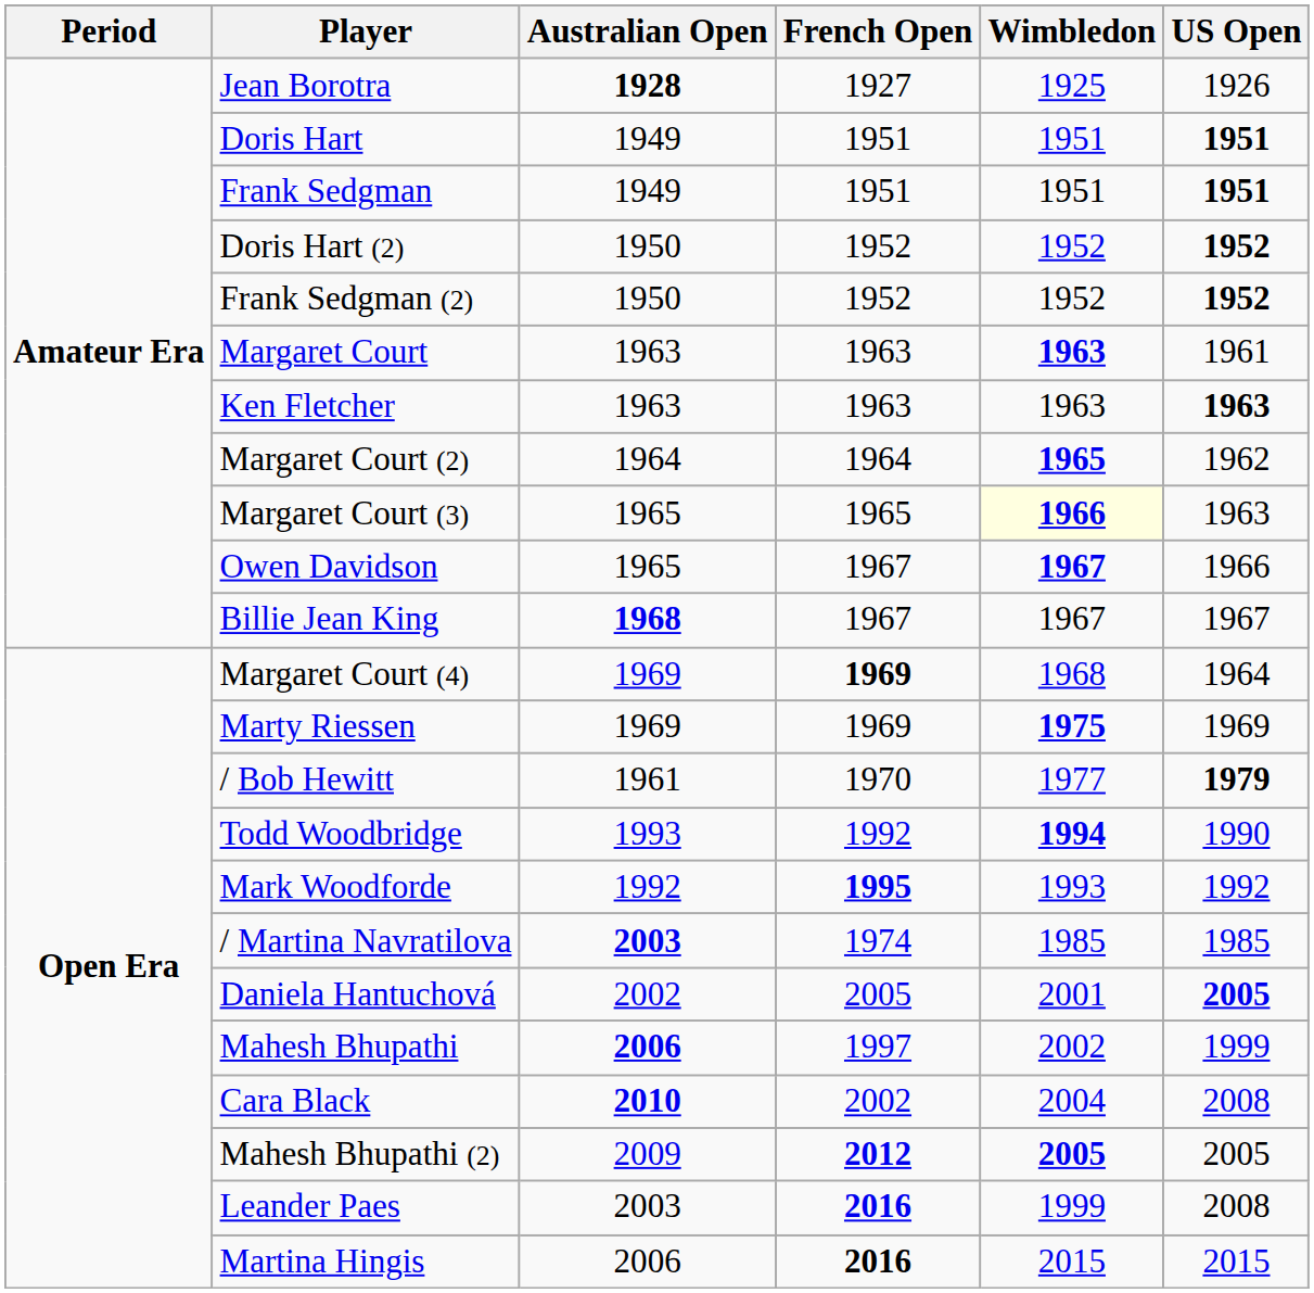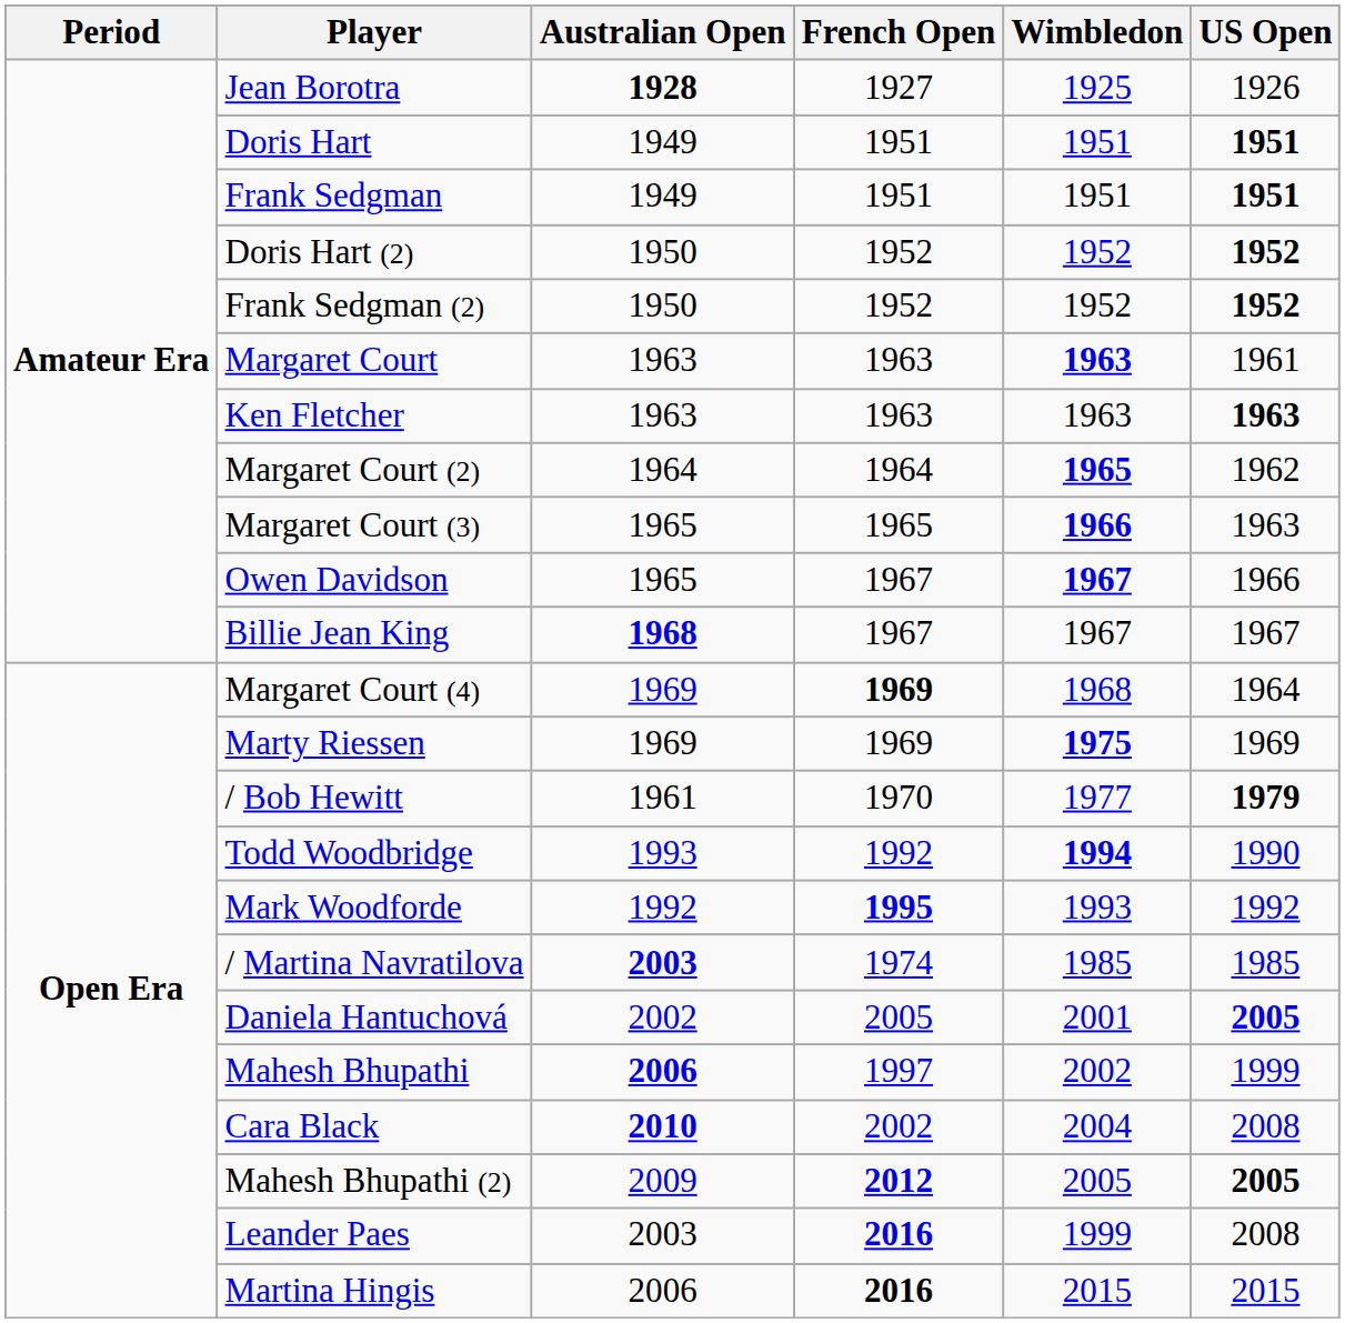 <table class="wikitable mw-datatable sortable" style="text-align:center;">
 <tr>
 <th>Period</th>
 <th>Player</th>
 <th>Australian Open</th>
 <th>French Open</th>
 <th>Wimbledon</th>
 <th>US Open</th>
 </tr>
 <tr>
 <td rowspan="11"><strong>Amateur Era</strong></td>
 <td style="text-align:left;"> <a href='#'>Jean Borotra</a></td>
 <td><strong>1928</strong></td>
 <td>1927</td>
 <td><a href='#'>1925</a></td>
 <td>1926</td>
 </tr>
 <tr>
 <td style="text-align:left;"> <a href='#'>Doris Hart</a></td>
 <td>1949</td>
 <td>1951</td>
 <td><a href='#'>1951</a></td>
 <td><strong>1951</strong></td>
 </tr>
 <tr>
 <td style="text-align:left;"> <a href='#'>Frank Sedgman</a></td>
 <td>1949</td>
 <td>1951</td>
 <td>1951</td>
 <td><strong>1951</strong></td>
 </tr>
 <tr>
 <td style="text-align:left;"> Doris Hart <small>(2)</small></td>
 <td>1950</td>
 <td>1952</td>
 <td><a href='#'>1952</a></td>
 <td><strong>1952</strong></td>
 </tr>
 <tr>
 <td style="text-align:left;"> Frank Sedgman <small>(2)</small></td>
 <td>1950</td>
 <td>1952</td>
 <td>1952</td>
 <td><strong>1952</strong></td>
 </tr>
 <tr>
 <td style="text-align:left;"> <a href='#'>Margaret Court</a></td>
 <td>1963</td>
 <td>1963</td>
 <td><strong><a href='#'>1963</a></strong></td>
 <td>1961</td>
 </tr>
 <tr>
 <td style="text-align:left;"> <a href='#'>Ken Fletcher</a></td>
 <td>1963</td>
 <td>1963</td>
 <td>1963</td>
 <td><strong>1963</strong></td>
 </tr>
 <tr>
 <td style="text-align:left;"> Margaret Court <small>(2)</small></td>
 <td>1964</td>
 <td>1964</td>
 <td><strong><a href='#'>1965</a></strong></td>
 <td>1962</td>
 </tr>
 <tr>
 <td style="text-align:left;"> Margaret Court <small>(3)</small></td>
 <td>1965</td>
 <td>1965</td>
-<td style="background: lightyellow;"><strong><a href='#'>1966</a></strong></td>
+<td><strong><a href='#'>1966</a></strong></td>
 <td>1963</td>
 </tr>
 <tr>
 <td style="text-align:left;"> <a href='#'>Owen Davidson</a></td>
 <td>1965</td>
 <td>1967</td>
 <td><strong><a href='#'>1967</a></strong></td>
 <td>1966</td>
 </tr>
 <tr>
 <td style="text-align:left;"> <a href='#'>Billie Jean King</a></td>
 <td><strong><a href='#'>1968</a></strong></td>
 <td>1967</td>
 <td>1967</td>
 <td>1967</td>
 </tr>
 <tr>
 <td rowspan="12"><strong>Open Era</strong></td>
 <td style="text-align:left;"> Margaret Court <small>(4)</small></td>
 <td><a href='#'>1969</a></td>
 <td><strong>1969</strong></td>
 <td><a href='#'>1968</a></td>
 <td>1964</td>
 </tr>
 <tr>
 <td style="text-align:left;"> <a href='#'>Marty Riessen</a></td>
 <td>1969</td>
 <td>1969</td>
 <td><strong><a href='#'>1975</a></strong></td>
 <td>1969</td>
 </tr>
 <tr>
 <td style="text-align:left;">/ <a href='#'>Bob Hewitt</a></td>
 <td>1961</td>
 <td>1970</td>
 <td><a href='#'>1977</a></td>
 <td><strong>1979</strong></td>
 </tr>
 <tr>
 <td style="text-align:left;"> <a href='#'>Todd Woodbridge</a></td>
 <td><a href='#'>1993</a></td>
 <td><a href='#'>1992</a></td>
 <td><strong><a href='#'>1994</a></strong></td>
 <td><a href='#'>1990</a></td>
 </tr>
 <tr>
 <td style="text-align:left;"> <a href='#'>Mark Woodforde</a></td>
 <td><a href='#'>1992</a></td>
 <td><strong><a href='#'>1995</a></strong></td>
 <td><a href='#'>1993</a></td>
 <td><a href='#'>1992</a></td>
 </tr>
 <tr>
 <td style="text-align:left;">/ <a href='#'>Martina Navratilova</a></td>
 <td><strong><a href='#'>2003</a></strong></td>
 <td><a href='#'>1974</a></td>
 <td><a href='#'>1985</a></td>
 <td><a href='#'>1985</a></td>
 </tr>
 <tr>
 <td style="text-align:left;"> <a href='#'>Daniela Hantuchová</a></td>
 <td><a href='#'>2002</a></td>
 <td><a href='#'>2005</a></td>
 <td><a href='#'>2001</a></td>
 <td><strong><a href='#'>2005</a></strong></td>
 </tr>
 <tr>
 <td style="text-align:left;"> <a href='#'>Mahesh Bhupathi</a></td>
 <td><strong><a href='#'>2006</a></strong></td>
 <td><a href='#'>1997</a></td>
 <td><a href='#'>2002</a></td>
 <td><a href='#'>1999</a></td>
 </tr>
 <tr>
 <td style="text-align:left;"> <a href='#'>Cara Black</a></td>
 <td><strong><a href='#'>2010</a></strong></td>
 <td><a href='#'>2002</a></td>
 <td><a href='#'>2004</a></td>
 <td><a href='#'>2008</a></td>
 </tr>
 <tr>
 <td style="text-align:left;"> Mahesh Bhupathi <small>(2)</small></td>
 <td><a href='#'>2009</a></td>
 <td><strong><a href='#'>2012</a></strong></td>
-<td><strong><a href='#'>2005</a></strong></td>
-<td>2005</td>
+<td><a href='#'>2005</a></td>
+<td><strong>2005</strong></td>
 </tr>
 <tr>
 <td align="left"> <a href='#'>Leander Paes</a></td>
 <td>2003</td>
 <td><strong><a href='#'>2016</a></strong></td>
 <td><a href='#'>1999</a></td>
 <td>2008</td>
 </tr>
 <tr>
 <td align="left"> <a href='#'>Martina Hingis</a></td>
 <td>2006</td>
 <td><strong>2016</strong></td>
 <td><a href='#'>2015</a></td>
 <td><a href='#'>2015</a></td>
 </tr>
 </table>
